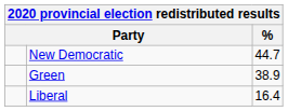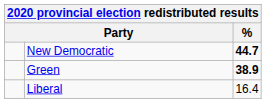 <table class="wikitable">
 <tr>
 <th colspan="4"><a href='#'>2020 provincial election</a> redistributed results</th>
 </tr>
 <tr>
 <th bgcolor="#DDDDFF" width="130px" colspan="2">Party</th>
 <th bgcolor="#DDDDFF" width="30px">%</th>
 </tr>
 <tr>
 <td> </td>
 <td><a href='#'>New Democratic</a></td>
-<td align=right>44.7</td>
+<td align=right><strong>44.7</strong></td>
 </tr>
 <tr>
 <td> </td>
 <td><a href='#'>Green</a></td>
-<td align=right>38.9</td>
+<td align=right><strong>38.9</strong></td>
 </tr>
 <tr>
 <td> </td>
 <td><a href='#'>Liberal</a></td>
 <td align=right>16.4</td>
 </tr>
 </table>
